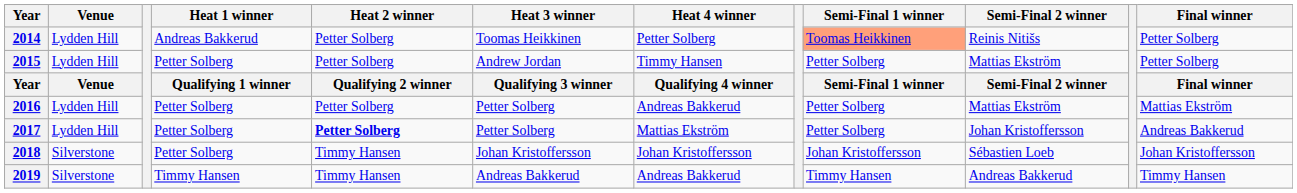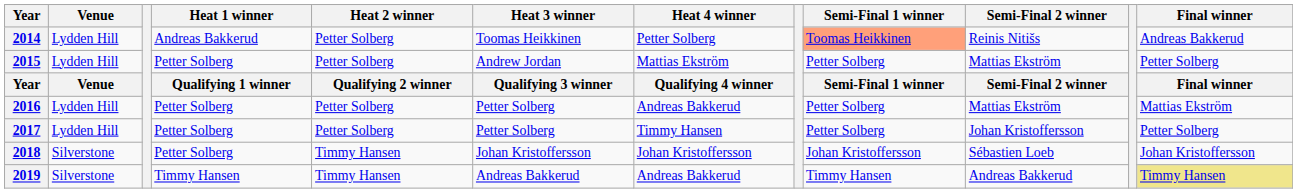 <table class="wikitable" width=100% style="font-size: 85%;">
 <tr>
 <th>Year</th>
 <th>Venue</th>
 <th rowspan=8></th>
 <th>Heat 1 winner</th>
 <th>Heat 2 winner</th>
 <th>Heat 3 winner</th>
 <th>Heat 4 winner</th>
 <th rowspan=8></th>
 <th>Semi-Final 1 winner</th>
 <th>Semi-Final 2 winner</th>
 <th rowspan=8></th>
 <th>Final winner</th>
 </tr>
 <tr>
 <th><a href='#'>2014</a></th>
 <td><a href='#'>Lydden Hill</a></td>
 <td> <a href='#'>Andreas Bakkerud</a></td>
 <td> <a href='#'>Petter Solberg</a></td>
 <td> <a href='#'>Toomas Heikkinen</a></td>
 <td> <a href='#'>Petter Solberg</a></td>
 <td style="background: lightsalmon;"> <a href='#'>Toomas Heikkinen</a></td>
 <td> <a href='#'>Reinis Nitišs</a></td>
-<td> <a href='#'>Petter Solberg</a></td>
+<td> <a href='#'>Andreas Bakkerud</a></td>
 </tr>
 <tr>
 <th><a href='#'>2015</a></th>
 <td><a href='#'>Lydden Hill</a></td>
 <td> <a href='#'>Petter Solberg</a></td>
 <td> <a href='#'>Petter Solberg</a></td>
 <td> <a href='#'>Andrew Jordan</a></td>
-<td> <a href='#'>Timmy Hansen</a></td>
+<td> <a href='#'>Mattias Ekström</a></td>
 <td> <a href='#'>Petter Solberg</a></td>
 <td> <a href='#'>Mattias Ekström</a></td>
 <td> <a href='#'>Petter Solberg</a></td>
 </tr>
 <tr>
 <th>Year</th>
 <th>Venue</th>
 <th>Qualifying 1 winner</th>
 <th>Qualifying 2 winner</th>
 <th>Qualifying 3 winner</th>
 <th>Qualifying 4 winner</th>
 <th>Semi-Final 1 winner</th>
 <th>Semi-Final 2 winner</th>
 <th>Final winner</th>
 </tr>
 <tr>
 <th><a href='#'>2016</a></th>
 <td><a href='#'>Lydden Hill</a></td>
 <td> <a href='#'>Petter Solberg</a></td>
 <td> <a href='#'>Petter Solberg</a></td>
 <td> <a href='#'>Petter Solberg</a></td>
 <td> <a href='#'>Andreas Bakkerud</a></td>
 <td> <a href='#'>Petter Solberg</a></td>
 <td> <a href='#'>Mattias Ekström</a></td>
 <td> <a href='#'>Mattias Ekström</a></td>
 </tr>
 <tr>
 <th><a href='#'>2017</a></th>
 <td><a href='#'>Lydden Hill</a></td>
 <td> <a href='#'>Petter Solberg</a></td>
-<td><strong> <a href='#'>Petter Solberg</a></strong></td>
 <td> <a href='#'>Petter Solberg</a></td>
-<td> <a href='#'>Mattias Ekström</a></td>
+<td> <a href='#'>Petter Solberg</a></td>
+<td> <a href='#'>Timmy Hansen</a></td>
 <td> <a href='#'>Petter Solberg</a></td>
 <td> <a href='#'>Johan Kristoffersson</a></td>
-<td> <a href='#'>Andreas Bakkerud</a></td>
+<td> <a href='#'>Petter Solberg</a></td>
 </tr>
 <tr>
 <th><a href='#'>2018</a></th>
 <td><a href='#'>Silverstone</a></td>
 <td> <a href='#'>Petter Solberg</a></td>
 <td> <a href='#'>Timmy Hansen</a></td>
 <td> <a href='#'>Johan Kristoffersson</a></td>
 <td> <a href='#'>Johan Kristoffersson</a></td>
 <td> <a href='#'>Johan Kristoffersson</a></td>
 <td> <a href='#'>Sébastien Loeb</a></td>
 <td> <a href='#'>Johan Kristoffersson</a></td>
 </tr>
 <tr>
 <th><a href='#'>2019</a></th>
 <td><a href='#'>Silverstone</a></td>
 <td> <a href='#'>Timmy Hansen</a></td>
 <td> <a href='#'>Timmy Hansen</a></td>
 <td> <a href='#'>Andreas Bakkerud</a></td>
 <td> <a href='#'>Andreas Bakkerud</a></td>
 <td> <a href='#'>Timmy Hansen</a></td>
 <td> <a href='#'>Andreas Bakkerud</a></td>
-<td> <a href='#'>Timmy Hansen</a></td>
+<td style="background: khaki;"> <a href='#'>Timmy Hansen</a></td>
 </tr>
 </table>
